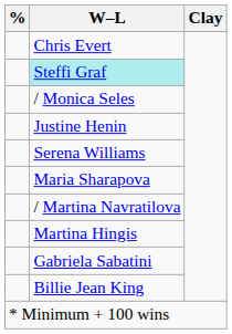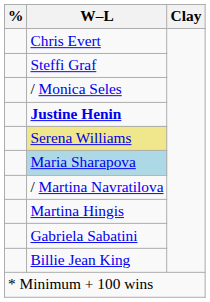 <table class="wikitable nowrap">
 <tr>
 <th>%</th>
 <th>W–L</th>
 <th>Clay</th>
 </tr>
 <tr>
 <td></td>
 <td> <a href='#'>Chris Evert</a></td>
 </tr>
 <tr>
 <td></td>
-<td style="background: paleturquoise;"> <a href='#'>Steffi Graf</a></td>
+<td> <a href='#'>Steffi Graf</a></td>
 </tr>
 <tr>
 <td></td>
 <td>/ <a href='#'>Monica Seles</a></td>
 </tr>
 <tr>
 <td></td>
-<td> <a href='#'>Justine Henin</a></td>
+<td><strong> <a href='#'>Justine Henin</a></strong></td>
 </tr>
 <tr>
 <td></td>
-<td> <a href='#'>Serena Williams</a></td>
+<td style="background: khaki;"> <a href='#'>Serena Williams</a></td>
 </tr>
 <tr>
 <td></td>
-<td> <a href='#'>Maria Sharapova</a></td>
+<td style="background: lightblue;"> <a href='#'>Maria Sharapova</a></td>
 </tr>
 <tr>
 <td></td>
 <td>/ <a href='#'>Martina Navratilova</a></td>
 </tr>
 <tr>
 <td></td>
 <td> <a href='#'>Martina Hingis</a></td>
 </tr>
 <tr>
 <td></td>
 <td> <a href='#'>Gabriela Sabatini</a></td>
 </tr>
 <tr>
 <td></td>
 <td> <a href='#'>Billie Jean King</a></td>
 </tr>
 <tr>
 <td colspan="3">* Minimum + 100 wins</td>
 </tr>
 </table>
